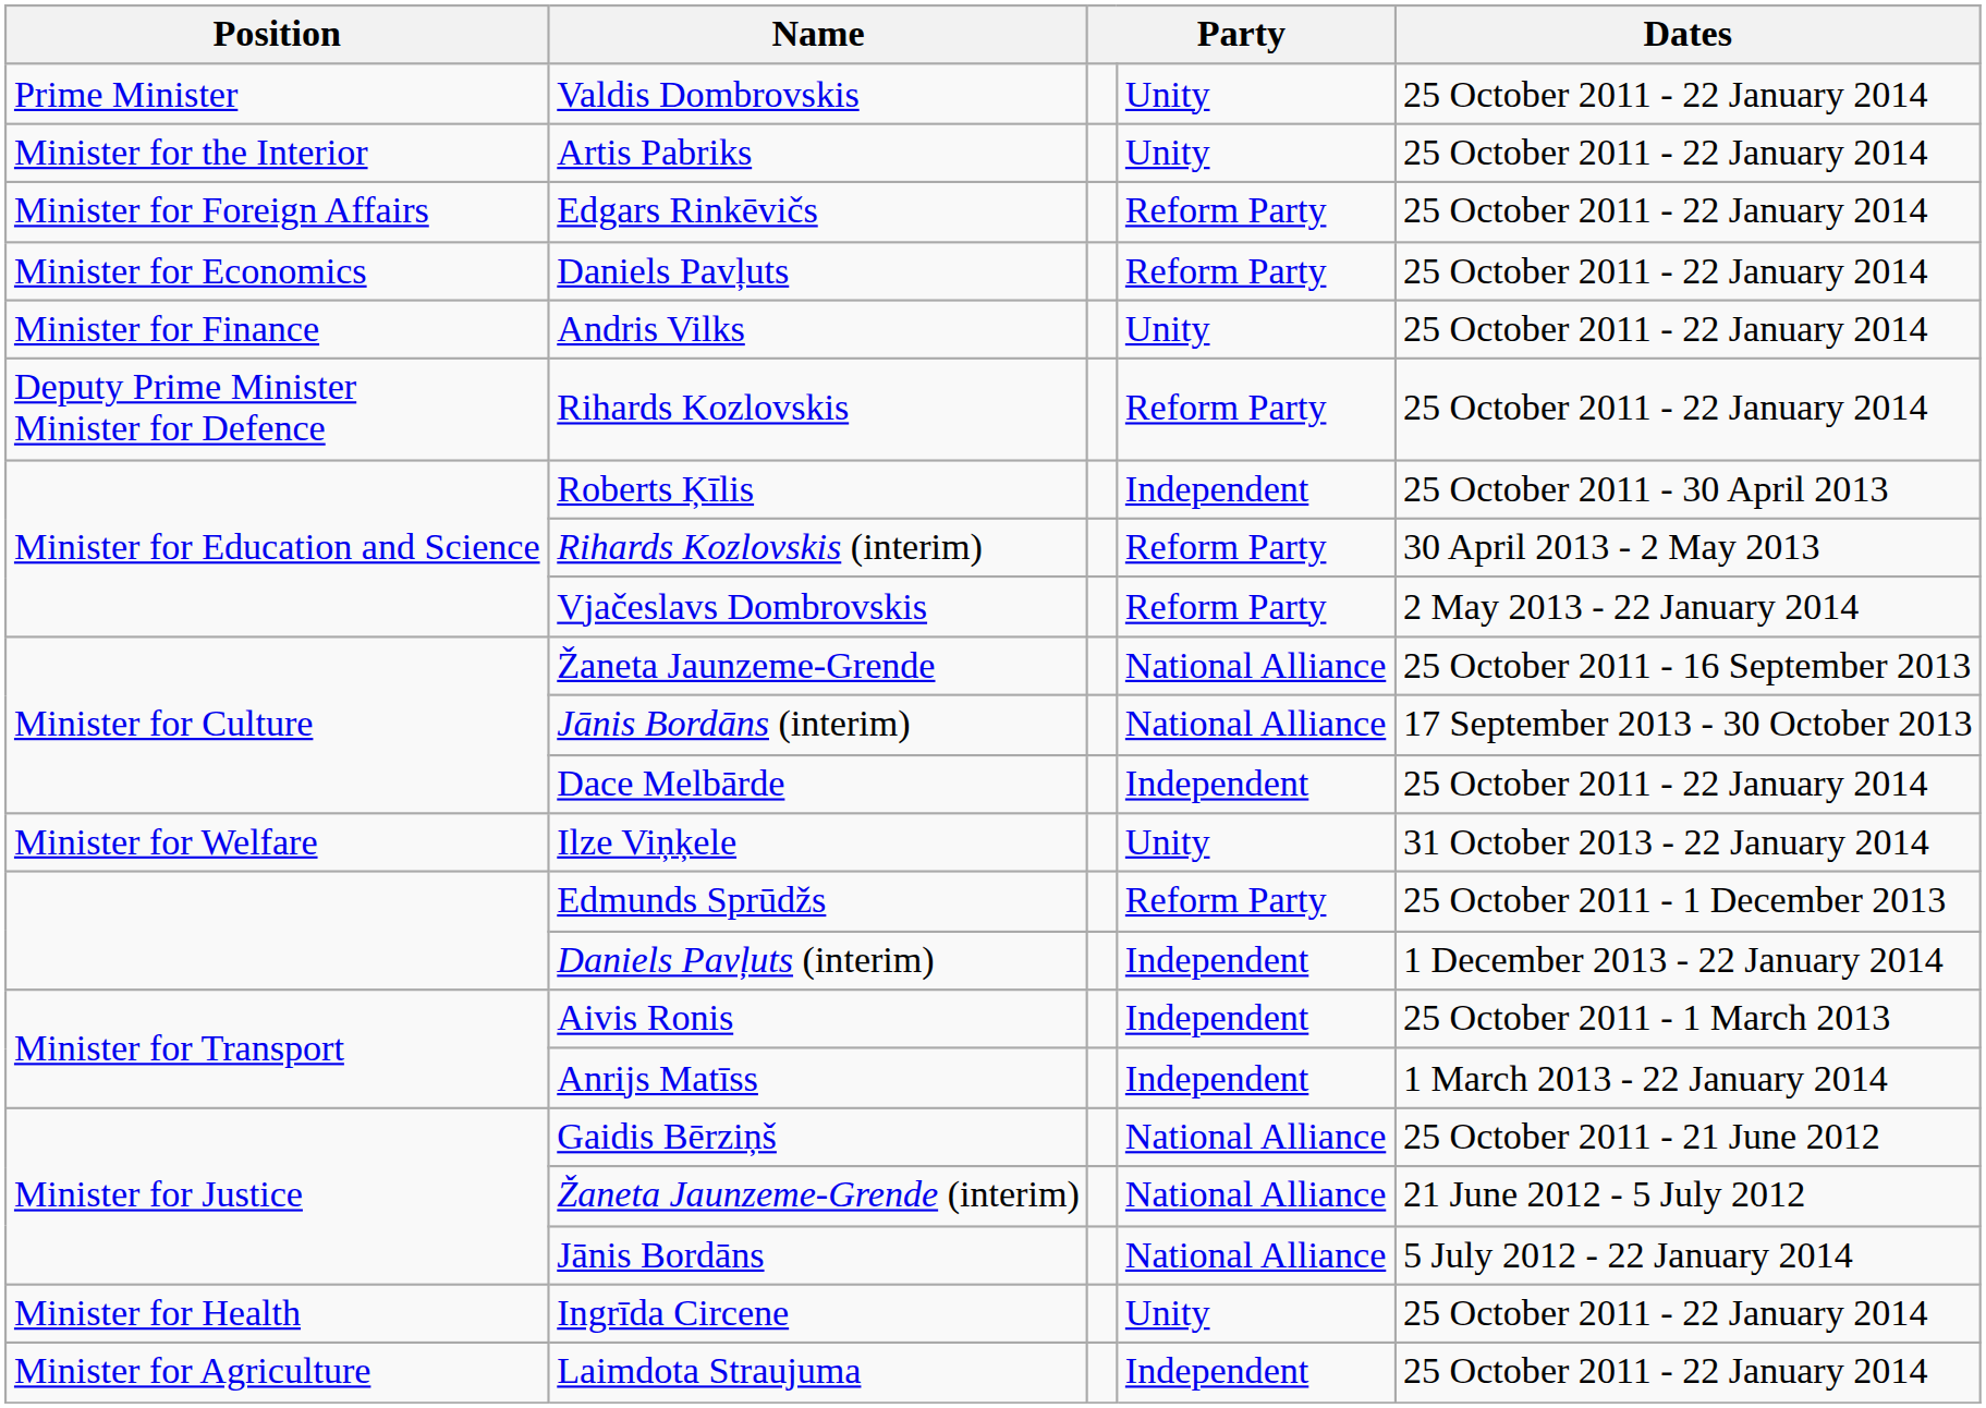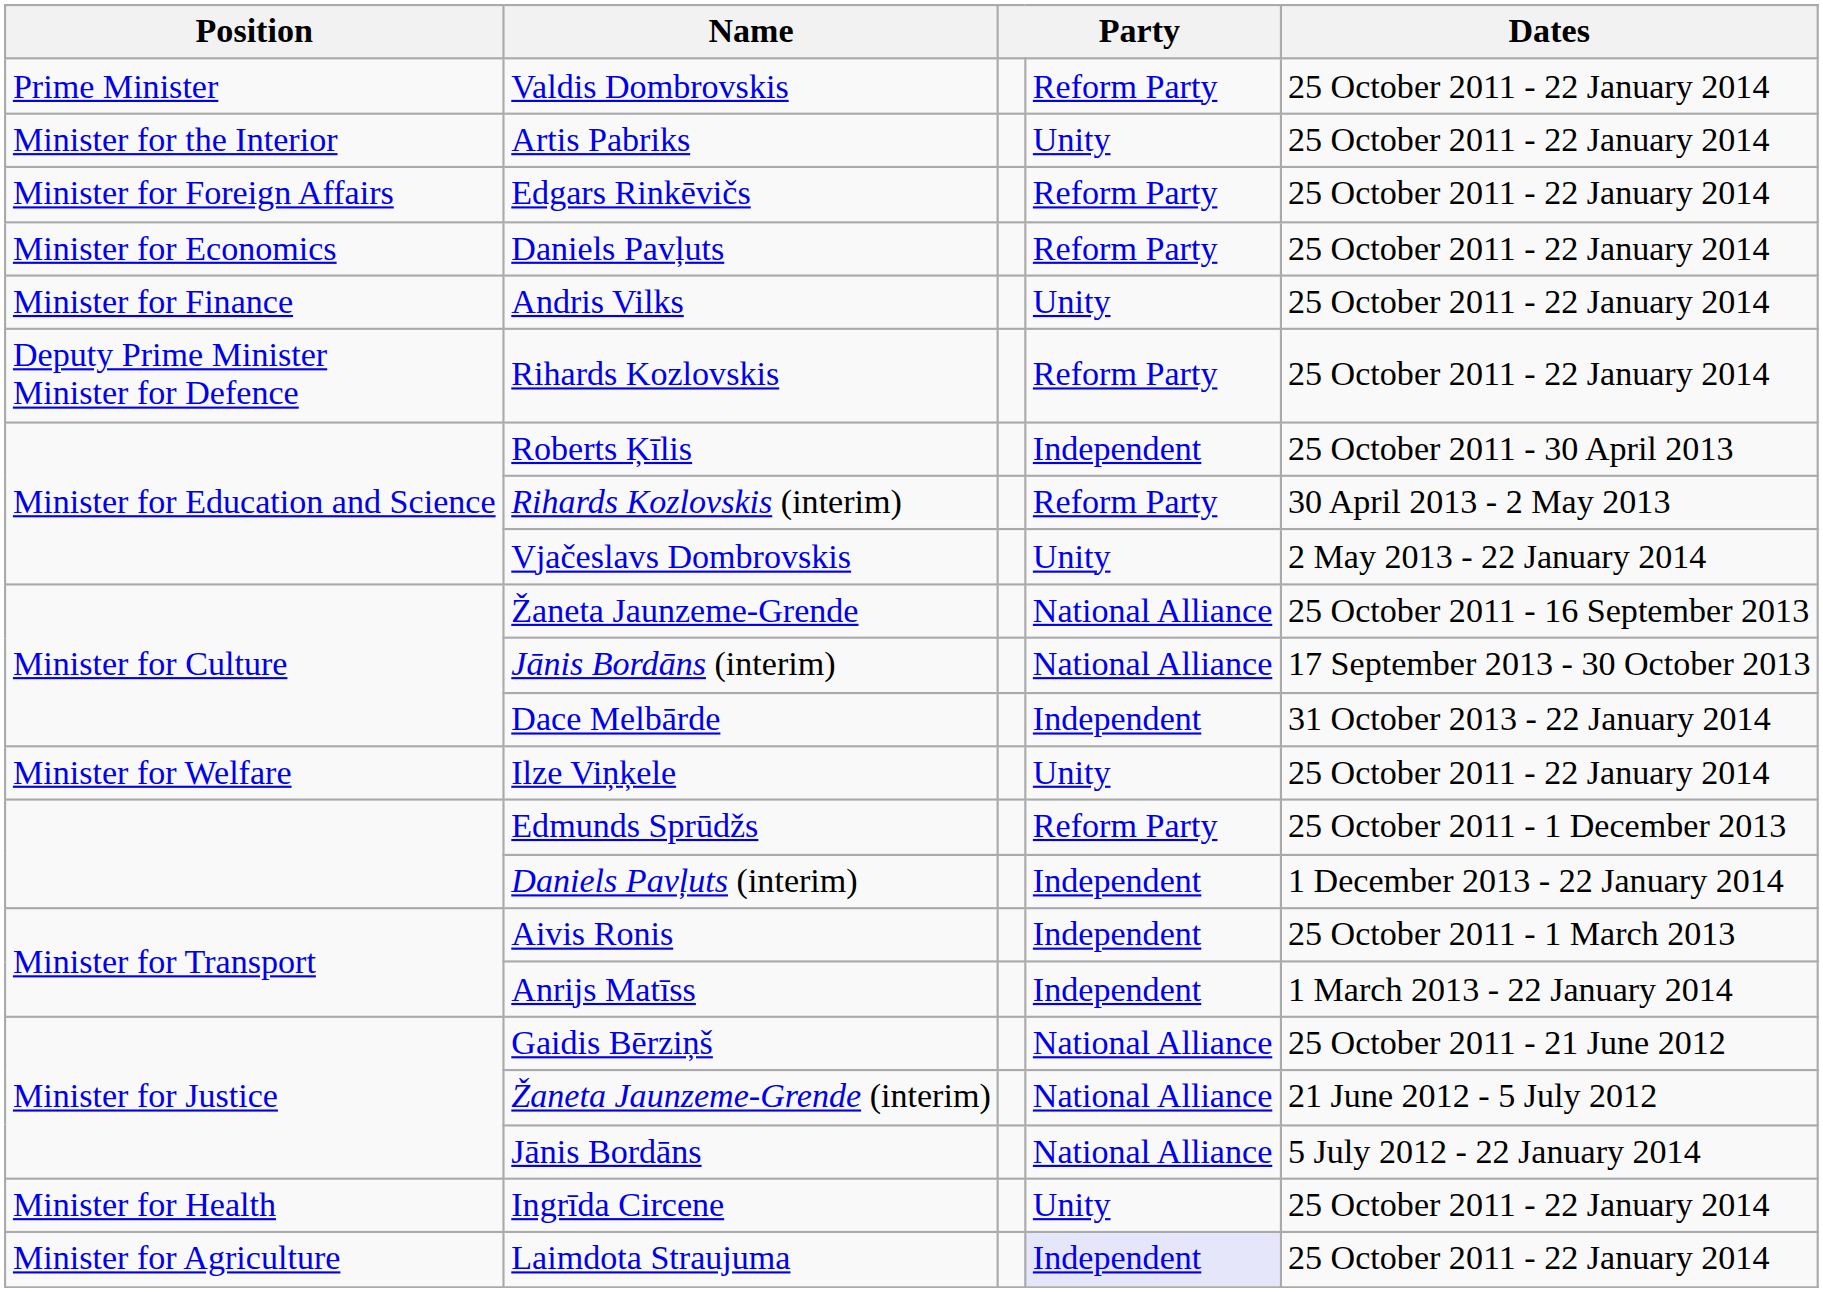 <table class="wikitable">
 <tr>
 <th>Position</th>
 <th>Name</th>
 <th colspan=2>Party</th>
 <th>Dates</th>
 </tr>
 <tr>
 <td><a href='#'>Prime Minister</a></td>
 <td><a href='#'>Valdis Dombrovskis</a></td>
 <td width=5px style="background-color: "></td>
-<td><a href='#'>Unity</a></td>
+<td><a href='#'>Reform Party</a></td>
 <td>25 October 2011 - 22 January 2014</td>
 </tr>
 <tr>
 <td><a href='#'>Minister for the Interior</a></td>
 <td><a href='#'>Artis Pabriks</a></td>
 <td style="background-color: "></td>
 <td><a href='#'>Unity</a></td>
 <td>25 October 2011 - 22 January 2014</td>
 </tr>
 <tr>
 <td><a href='#'>Minister for Foreign Affairs</a></td>
 <td><a href='#'>Edgars Rinkēvičs</a></td>
 <td style="background-color: "></td>
 <td><a href='#'>Reform Party</a></td>
 <td>25 October 2011 - 22 January 2014</td>
 </tr>
 <tr>
 <td><a href='#'>Minister for Economics</a></td>
 <td><a href='#'>Daniels Pavļuts</a></td>
 <td style="background-color: "></td>
 <td><a href='#'>Reform Party</a></td>
 <td>25 October 2011 - 22 January 2014</td>
 </tr>
 <tr>
 <td><a href='#'>Minister for Finance</a></td>
 <td><a href='#'>Andris Vilks</a></td>
 <td style="background-color: "></td>
 <td><a href='#'>Unity</a></td>
 <td>25 October 2011 - 22 January 2014</td>
 </tr>
 <tr>
 <td><a href='#'>Deputy Prime Minister</a><br><a href='#'>Minister for Defence</a></td>
 <td><a href='#'>Rihards Kozlovskis</a></td>
 <td style="background-color: "></td>
 <td><a href='#'>Reform Party</a></td>
 <td>25 October 2011 - 22 January 2014</td>
 </tr>
 <tr>
 <td rowspan="3"><a href='#'>Minister for Education and Science</a></td>
 <td><a href='#'>Roberts Ķīlis</a></td>
 <td style="background-color: "></td>
 <td><a href='#'>Independent</a></td>
 <td>25 October 2011 - 30 April 2013</td>
 </tr>
 <tr>
 <td><em><a href='#'>Rihards Kozlovskis</a></em> (interim)</td>
 <td style="background-color: "></td>
 <td><a href='#'>Reform Party</a></td>
 <td>30 April 2013 - 2 May 2013</td>
 </tr>
 <tr>
 <td><a href='#'>Vjačeslavs Dombrovskis</a></td>
 <td style="background-color: "></td>
-<td><a href='#'>Reform Party</a></td>
+<td><a href='#'>Unity</a></td>
 <td>2 May 2013 - 22 January 2014</td>
 </tr>
 <tr>
 <td rowspan="3"><a href='#'>Minister for Culture</a></td>
 <td><a href='#'>Žaneta Jaunzeme-Grende</a></td>
 <td style="background-color: "></td>
 <td><a href='#'>National Alliance</a></td>
 <td>25 October 2011 - 16 September 2013</td>
 </tr>
 <tr>
 <td><em><a href='#'>Jānis Bordāns</a></em> (interim)</td>
 <td style="background-color: "></td>
 <td><a href='#'>National Alliance</a></td>
 <td>17 September 2013 - 30 October 2013</td>
 </tr>
 <tr>
 <td><a href='#'>Dace Melbārde</a></td>
 <td style="background-color: "></td>
 <td><a href='#'>Independent</a></td>
-<td>25 October 2011 - 22 January 2014</td>
+<td>31 October 2013 - 22 January 2014</td>
 </tr>
 <tr>
 <td><a href='#'>Minister for Welfare</a></td>
 <td><a href='#'>Ilze Viņķele</a></td>
 <td style="background-color: "></td>
 <td><a href='#'>Unity</a></td>
-<td>31 October 2013 - 22 January 2014</td>
+<td>25 October 2011 - 22 January 2014</td>
 </tr>
 <tr>
 <td rowspan="2"></td>
 <td><a href='#'>Edmunds Sprūdžs</a></td>
 <td style="background-color: "></td>
 <td><a href='#'>Reform Party</a></td>
 <td>25 October 2011 - 1 December 2013</td>
 </tr>
 <tr>
 <td><em><a href='#'>Daniels Pavļuts</a></em> (interim)</td>
 <td style="background-color: "></td>
 <td><a href='#'>Independent</a></td>
 <td>1 December 2013 - 22 January 2014</td>
 </tr>
 <tr>
 <td rowspan="2"><a href='#'>Minister for Transport</a></td>
 <td><a href='#'>Aivis Ronis</a></td>
 <td style="background-color: "></td>
 <td><a href='#'>Independent</a></td>
 <td>25 October 2011 - 1 March 2013</td>
 </tr>
 <tr>
 <td><a href='#'>Anrijs Matīss</a></td>
 <td style="background-color: "></td>
 <td><a href='#'>Independent</a></td>
 <td>1 March 2013 - 22 January 2014</td>
 </tr>
 <tr>
 <td rowspan="3"><a href='#'>Minister for Justice</a></td>
 <td><a href='#'>Gaidis Bērziņš</a></td>
 <td style="background-color: "></td>
 <td><a href='#'>National Alliance</a></td>
 <td>25 October 2011 - 21 June 2012</td>
 </tr>
 <tr>
 <td><em><a href='#'>Žaneta Jaunzeme-Grende</a></em> (interim)</td>
 <td style="background-color: "></td>
 <td><a href='#'>National Alliance</a></td>
 <td>21 June 2012 - 5 July 2012</td>
 </tr>
 <tr>
 <td><a href='#'>Jānis Bordāns</a></td>
 <td style="background-color: "></td>
 <td><a href='#'>National Alliance</a></td>
 <td>5 July 2012 - 22 January 2014</td>
 </tr>
 <tr>
 <td><a href='#'>Minister for Health</a></td>
 <td><a href='#'>Ingrīda Circene</a></td>
 <td style="background-color: "></td>
 <td><a href='#'>Unity</a></td>
 <td>25 October 2011 - 22 January 2014</td>
 </tr>
 <tr>
 <td><a href='#'>Minister for Agriculture</a></td>
 <td><a href='#'>Laimdota Straujuma</a></td>
 <td style="background-color: "></td>
-<td><a href='#'>Independent</a></td>
+<td style="background: lavender;"><a href='#'>Independent</a></td>
 <td>25 October 2011 - 22 January 2014</td>
 </tr>
 </table>
